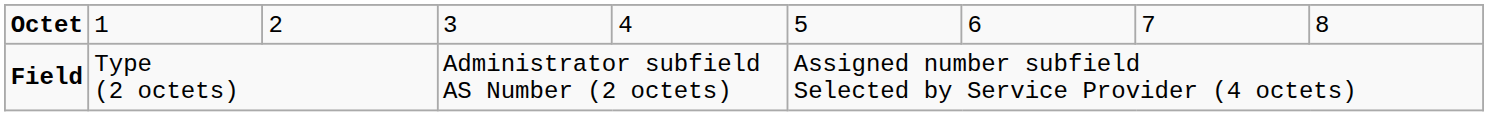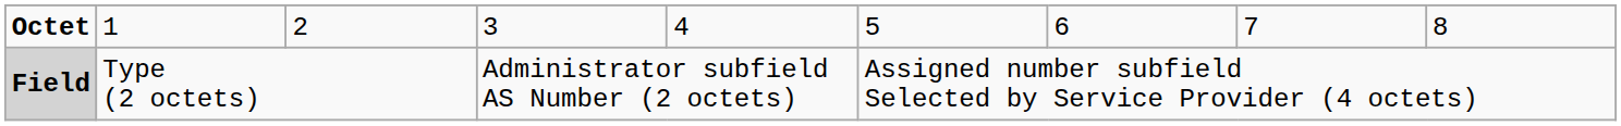 <table class="wikitable" style="width: 800px">
 <tr>
 <td><strong>Octet</strong></td>
 <td width=12%>1</td>
 <td width=12%>2</td>
 <td width=12%>3</td>
 <td width=12%>4</td>
 <td width=12%>5</td>
 <td width=12%>6</td>
 <td width=12%>7</td>
 <td width=12%>8</td>
 </tr>
 <tr>
-<td><strong>Field</strong></td>
+<td style="background: lightgrey;"><strong>Field</strong></td>
 <td colspan=2>Type<br>(2 octets)</td>
 <td colspan=2>Administrator subfield<br>AS Number (2 octets)</td>
 <td colspan=4>Assigned number subfield<br>Selected by Service Provider (4 octets)</td>
 </tr>
 </table>
